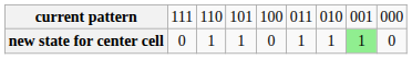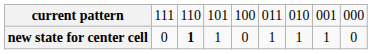 <table class="wikitable" style="text-align: center">
 <tr>
 <th>current pattern</th>
 <td>111</td>
 <td>110</td>
 <td>101</td>
 <td>100</td>
 <td>011</td>
 <td>010</td>
 <td>001</td>
 <td>000</td>
 </tr>
 <tr>
 <th>new state for center cell</th>
 <td>0</td>
-<td>1</td>
+<td><strong>1</strong></td>
 <td>1</td>
 <td>0</td>
 <td>1</td>
 <td>1</td>
-<td style="background: lightgreen;">1</td>
+<td>1</td>
 <td>0</td>
 </tr>
 </table>
